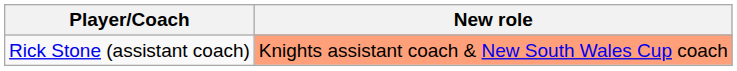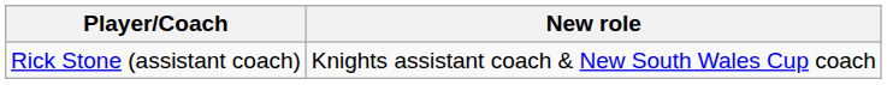 <table class="wikitable sortable" style="text-align: center; font-size:90%">
 <tr style="background:#efefef;">
 <th>Player/Coach</th>
 <th>New role</th>
 </tr>
 <tr>
 <td><a href='#'>Rick Stone</a> (assistant coach)</td>
-<td style="background: lightsalmon;">Knights assistant coach & <a href='#'>New South Wales Cup</a> coach</td>
+<td>Knights assistant coach & <a href='#'>New South Wales Cup</a> coach</td>
 </tr>
 </table>
